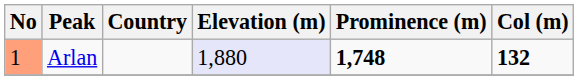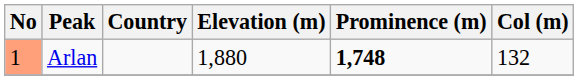 <table class="wikitable sortable">
 <tr>
 <th>No</th>
 <th>Peak</th>
 <th>Country</th>
 <th>Elevation (m)</th>
 <th>Prominence (m)</th>
 <th>Col (m)</th>
 </tr>
 <tr>
 <td style="background: lightsalmon;">1</td>
 <td><a href='#'> Arlan</a></td>
 <td></td>
-<td style="background: lavender;">1,880</td>
+<td>1,880</td>
 <td><strong>1,748</strong></td>
-<td><strong>132</strong></td>
+<td>132</td>
 </tr>
 <tr>
 </tr>
 </table>
